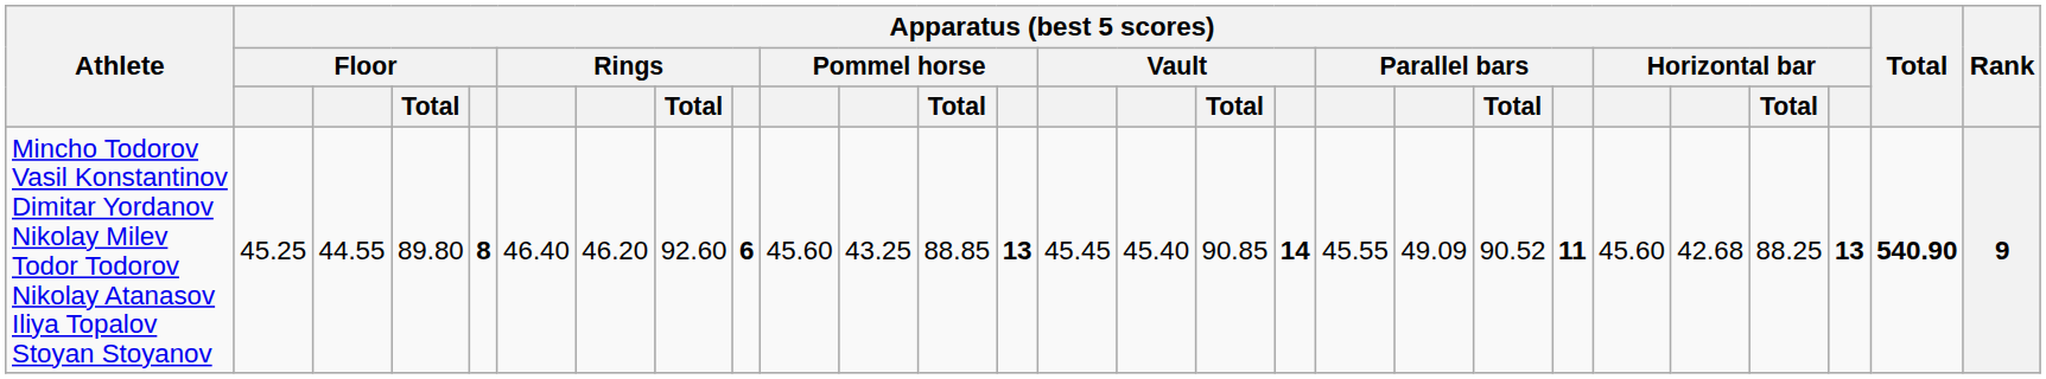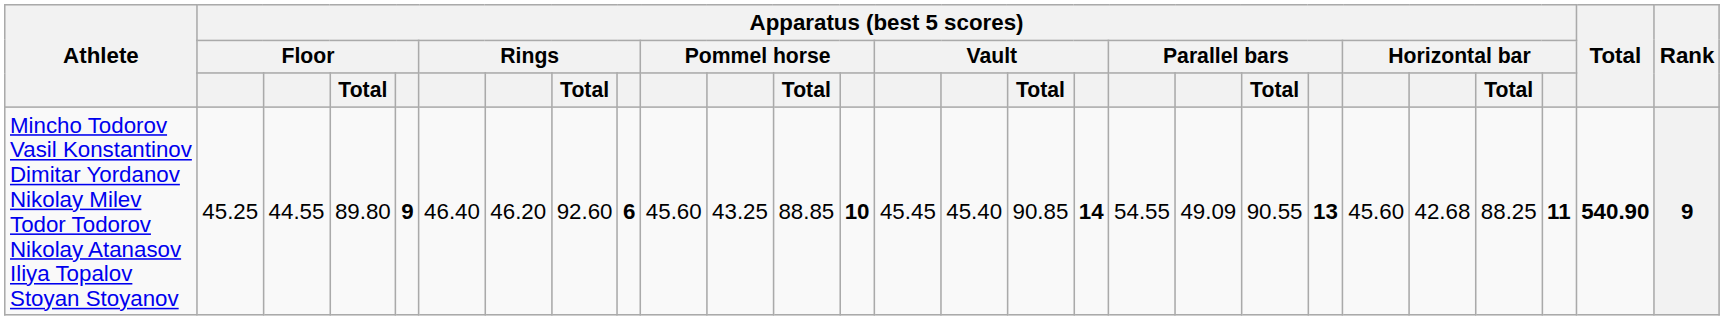 <table class="wikitable" style="font-size:90%">
 <tr>
 <th rowspan=3>Athlete</th>
 <th colspan=24>Apparatus (best 5 scores)</th>
 <th rowspan=3>Total</th>
 <th rowspan=3>Rank</th>
 </tr>
 <tr style="font-size:95%">
 <th colspan=4>Floor</th>
 <th colspan=4>Rings</th>
 <th colspan=4>Pommel horse</th>
 <th colspan=4>Vault</th>
 <th colspan=4>Parallel bars</th>
 <th colspan=4>Horizontal bar</th>
 </tr>
 <tr style="font-size:95%">
 <th></th>
 <th></th>
 <th>Total</th>
 <th></th>
 <th></th>
 <th></th>
 <th>Total</th>
 <th></th>
 <th></th>
 <th></th>
 <th>Total</th>
 <th></th>
 <th></th>
 <th></th>
 <th>Total</th>
 <th></th>
 <th></th>
 <th></th>
 <th>Total</th>
 <th></th>
 <th></th>
 <th></th>
 <th>Total</th>
 <th></th>
 </tr>
 <tr align=center>
 <td align=left><a href='#'>Mincho Todorov</a><br><a href='#'>Vasil Konstantinov</a><br><a href='#'>Dimitar Yordanov</a><br><a href='#'>Nikolay Milev</a><br><a href='#'>Todor Todorov</a><br><a href='#'>Nikolay Atanasov</a><br><a href='#'>Iliya Topalov</a><br><a href='#'>Stoyan Stoyanov</a></td>
 <td>45.25</td>
 <td>44.55</td>
 <td>89.80</td>
-<td><strong>8</strong></td>
+<td><strong>9</strong></td>
 <td>46.40</td>
 <td>46.20</td>
 <td>92.60</td>
 <td><strong>6</strong></td>
 <td>45.60</td>
 <td>43.25</td>
 <td>88.85</td>
-<td><strong>13</strong></td>
+<td><strong>10</strong></td>
 <td>45.45</td>
 <td>45.40</td>
 <td>90.85</td>
 <td><strong>14</strong></td>
-<td>45.55</td>
+<td>54.55</td>
 <td>49.09</td>
-<td>90.52</td>
-<td><strong>11</strong></td>
+<td>90.55</td>
+<td><strong>13</strong></td>
 <td>45.60</td>
 <td>42.68</td>
 <td>88.25</td>
-<td><strong>13</strong></td>
+<td><strong>11</strong></td>
 <td><strong>540.90</strong></td>
 <th><strong>9</strong></th>
 </tr>
 </table>
